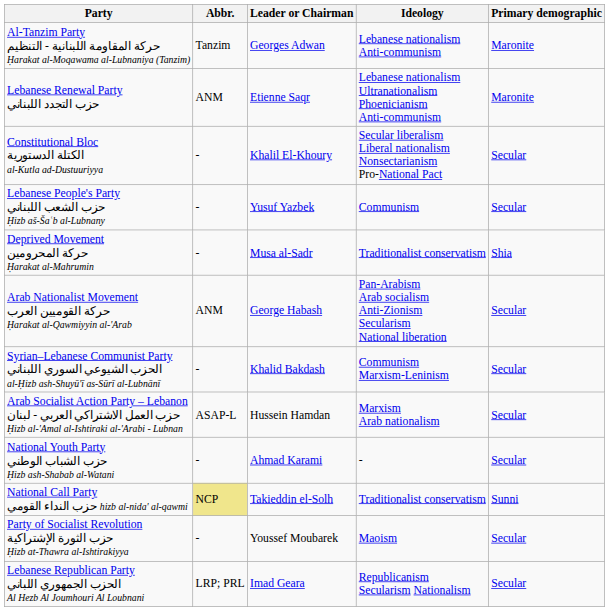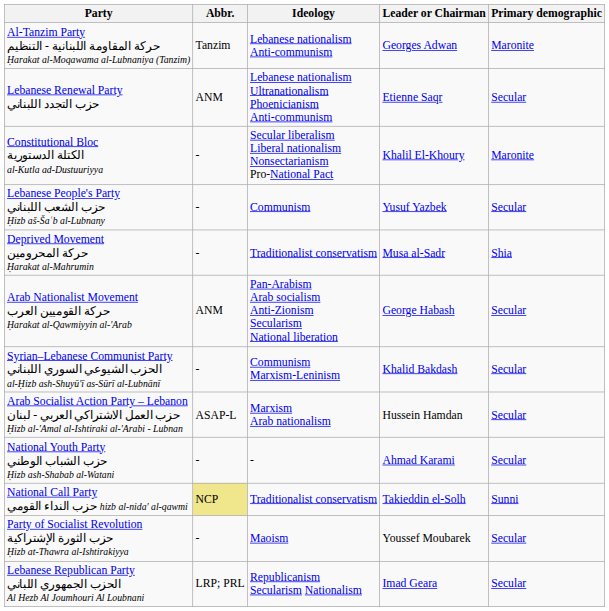 <table class="wikitable sortable">
 <tr>
 <th>Party</th>
 <th>Abbr.</th>
+<th>Ideology</th>
 <th>Leader or Chairman</th>
-<th>Ideology</th>
 <th>Primary demographic</th>
 </tr>
 <tr>
 <td><a href='#'>Al-Tanzim Party</a><br> <span>حركة المقاومة اللبنانية - التنظيم</span><br><small><em>Ḥarakat al-Moqawama al-Lubnaniya (Tanzim)</em></small></td>
 <td>Tanzim</td>
+<td><a href='#'>Lebanese nationalism</a><br><a href='#'>Anti-communism</a></td>
 <td><a href='#'>Georges Adwan</a></td>
-<td><a href='#'>Lebanese nationalism</a><br><a href='#'>Anti-communism</a></td>
 <td><a href='#'>Maronite</a></td>
 </tr>
 <tr>
 <td><a href='#'>Lebanese Renewal Party</a><br> <span>حزب التجدد اللبناني</span></td>
 <td>ANM</td>
+<td><a href='#'>Lebanese nationalism</a><br><a href='#'>Ultranationalism</a><br><a href='#'>Phoenicianism</a><br><a href='#'>Anti-communism</a></td>
 <td><a href='#'>Etienne Saqr</a></td>
-<td><a href='#'>Lebanese nationalism</a><br><a href='#'>Ultranationalism</a><br><a href='#'>Phoenicianism</a><br><a href='#'>Anti-communism</a></td>
-<td><a href='#'>Maronite</a></td>
+<td><a href='#'>Secular</a></td>
 </tr>
 <tr>
 <td><a href='#'>Constitutional Bloc</a><br> <span>الكتلة الدستورية</span><br><small><em>al-Kutla ad-Dustuuriyya</em></small></td>
 <td>-</td>
+<td><a href='#'>Secular liberalism</a> <br> <a href='#'>Liberal nationalism</a> <br> <a href='#'>Nonsectarianism</a> <br> Pro-<a href='#'>National Pact</a></td>
 <td><a href='#'>Khalil El-Khoury</a></td>
-<td><a href='#'>Secular liberalism</a> <br> <a href='#'>Liberal nationalism</a> <br> <a href='#'>Nonsectarianism</a> <br> Pro-<a href='#'>National Pact</a></td>
-<td><a href='#'>Secular</a></td>
+<td><a href='#'>Maronite</a></td>
 </tr>
 <tr>
 <td><a href='#'>Lebanese People's Party</a><br> <span>حزب الشعب اللبناني</span><br><small><em>Ḥizb aš-Šaʿb al-Lubnany</em></small></td>
 <td>-</td>
+<td><a href='#'>Communism</a></td>
 <td><a href='#'>Yusuf Yazbek</a></td>
-<td><a href='#'>Communism</a></td>
 <td><a href='#'>Secular</a></td>
 </tr>
 <tr>
 <td><a href='#'>Deprived Movement</a><br> <span>حركة المحرومين</span><br><small><em>Ḥarakat al-Mahrumin</em></small></td>
 <td>-</td>
+<td><a href='#'>Traditionalist conservatism</a></td>
 <td><a href='#'>Musa al-Sadr</a></td>
-<td><a href='#'>Traditionalist conservatism</a></td>
 <td><a href='#'>Shia</a></td>
 </tr>
 <tr>
 <td><a href='#'>Arab Nationalist Movement</a><br> <span>حركة القوميين العرب</span><br><small><em>Ḥarakat al-Qawmiyyin al-'Arab</em></small></td>
 <td>ANM</td>
+<td><a href='#'>Pan-Arabism</a> <br> <a href='#'>Arab socialism</a> <br> <a href='#'>Anti-Zionism</a> <br> <a href='#'>Secularism</a> <br> <a href='#'>National liberation</a></td>
 <td><a href='#'>George Habash</a></td>
-<td><a href='#'>Pan-Arabism</a> <br> <a href='#'>Arab socialism</a> <br> <a href='#'>Anti-Zionism</a> <br> <a href='#'>Secularism</a> <br> <a href='#'>National liberation</a></td>
 <td><a href='#'>Secular</a></td>
 </tr>
 <tr>
 <td><a href='#'>Syrian–Lebanese Communist Party</a><br><span>الحزب الشيوعي السوري اللبناني</span><br><small><em>al-Ḥizb ash-Shuyū'ī as-Sūrī al-Lubnānī</em></small></td>
 <td>-</td>
+<td><a href='#'>Communism</a> <br> <a href='#'>Marxism-Leninism</a></td>
 <td><a href='#'>Khalid Bakdash</a></td>
-<td><a href='#'>Communism</a> <br> <a href='#'>Marxism-Leninism</a></td>
 <td><a href='#'>Secular</a></td>
 </tr>
 <tr>
 <td><a href='#'>Arab Socialist Action Party – Lebanon</a><br><span>حزب العمل الاشتراكي العربي - لبنان</span><br><small><em>Ḥizb al-'Amal al-Ishtiraki al-'Arabi - Lubnan</em></small></td>
 <td>ASAP-L</td>
+<td><a href='#'>Marxism</a><br><a href='#'>Arab nationalism</a></td>
 <td>Hussein Hamdan</td>
-<td><a href='#'>Marxism</a><br><a href='#'>Arab nationalism</a></td>
 <td><a href='#'>Secular</a></td>
 </tr>
 <tr>
 <td><a href='#'>National Youth Party</a><br> <span>حزب الشباب الوطني</span><br><small><em>Ḥizb ash-Shabab al-Watani</em></small></td>
 <td>-</td>
+<td>-</td>
 <td><a href='#'>Ahmad Karami</a></td>
-<td>-</td>
 <td><a href='#'>Secular</a></td>
 </tr>
 <tr>
 <td><a href='#'>National Call Party</a><br><span>حزب النداء القومي</span> <em><small>hizb al-nida' al-qawmi</small></em></td>
 <td style="background: khaki;">NCP</td>
+<td><a href='#'>Traditionalist conservatism</a></td>
 <td><a href='#'>Takieddin el-Solh</a></td>
-<td><a href='#'>Traditionalist conservatism</a></td>
 <td><a href='#'>Sunni</a></td>
 </tr>
 <tr>
 <td><a href='#'>Party of Socialist Revolution</a><br> <span>حزب الثورة الإشتراكية</span><br><small><em>Ḥizb at-Thawra al-Ishtirakiyya</em></small></td>
 <td>-</td>
+<td><a href='#'>Maoism</a></td>
 <td>Youssef Moubarek</td>
-<td><a href='#'>Maoism</a></td>
 <td><a href='#'>Secular</a></td>
 </tr>
 <tr>
 <td><a href='#'>Lebanese Republican Party</a><br> <span> الحزب الجمهوري اللباني</span><br><small><em>Al Hezb Al Joumhouri Al Loubnani</em></small></td>
 <td>LRP; PRL</td>
+<td><a href='#'>Republicanism</a> <br> <a href='#'>Secularism</a> <a href='#'>Nationalism</a></td>
 <td><a href='#'>Imad Geara</a></td>
-<td><a href='#'>Republicanism</a> <br> <a href='#'>Secularism</a> <a href='#'>Nationalism</a></td>
 <td><a href='#'>Secular</a></td>
 </tr>
 </table>
